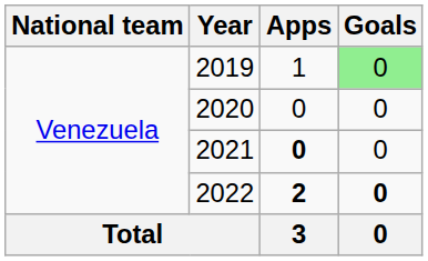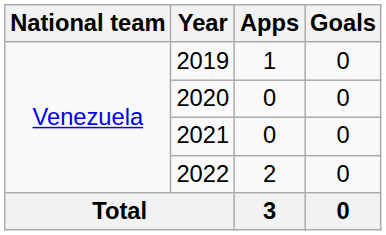 <table class="wikitable" style="text-align:center">
 <tr>
 <th>National team</th>
 <th>Year</th>
 <th>Apps</th>
 <th>Goals</th>
 </tr>
 <tr>
 <td rowspan="4"><a href='#'>Venezuela</a></td>
 <td>2019</td>
 <td>1</td>
-<td style="background: lightgreen;">0</td>
+<td>0</td>
 </tr>
 <tr>
 <td>2020</td>
 <td>0</td>
 <td>0</td>
 </tr>
 <tr>
 <td>2021</td>
-<td><strong>0</strong></td>
+<td>0</td>
 <td>0</td>
 </tr>
 <tr>
 <td>2022</td>
-<td><strong>2</strong></td>
-<td><strong>0</strong></td>
+<td>2</td>
+<td>0</td>
 </tr>
 <tr>
 <th colspan="2">Total</th>
 <th>3</th>
 <th>0</th>
 </tr>
 </table>
